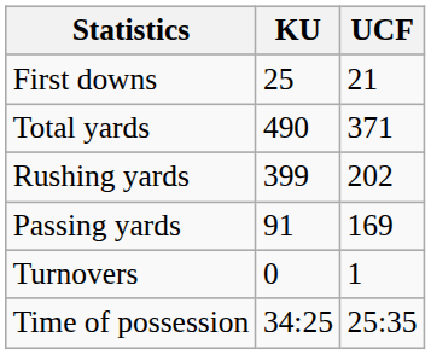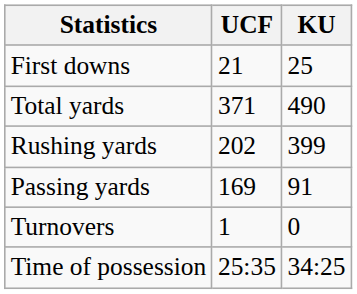 <table class="wikitable" style="float: left;">
 <tr>
 <th>Statistics</th>
+<th>UCF</th>
 <th>KU</th>
-<th>UCF</th>
 </tr>
 <tr>
 <td>First downs</td>
+<td>21</td>
 <td>25</td>
-<td>21</td>
 </tr>
 <tr>
 <td>Total yards</td>
+<td>371</td>
 <td>490</td>
-<td>371</td>
 </tr>
 <tr>
 <td>Rushing yards</td>
+<td>202</td>
 <td>399</td>
-<td>202</td>
 </tr>
 <tr>
 <td>Passing yards</td>
+<td>169</td>
 <td>91</td>
-<td>169</td>
 </tr>
 <tr>
 <td>Turnovers</td>
+<td>1</td>
 <td>0</td>
-<td>1</td>
 </tr>
 <tr>
 <td>Time of possession</td>
+<td>25:35</td>
 <td>34:25</td>
-<td>25:35</td>
 </tr>
 </table>
